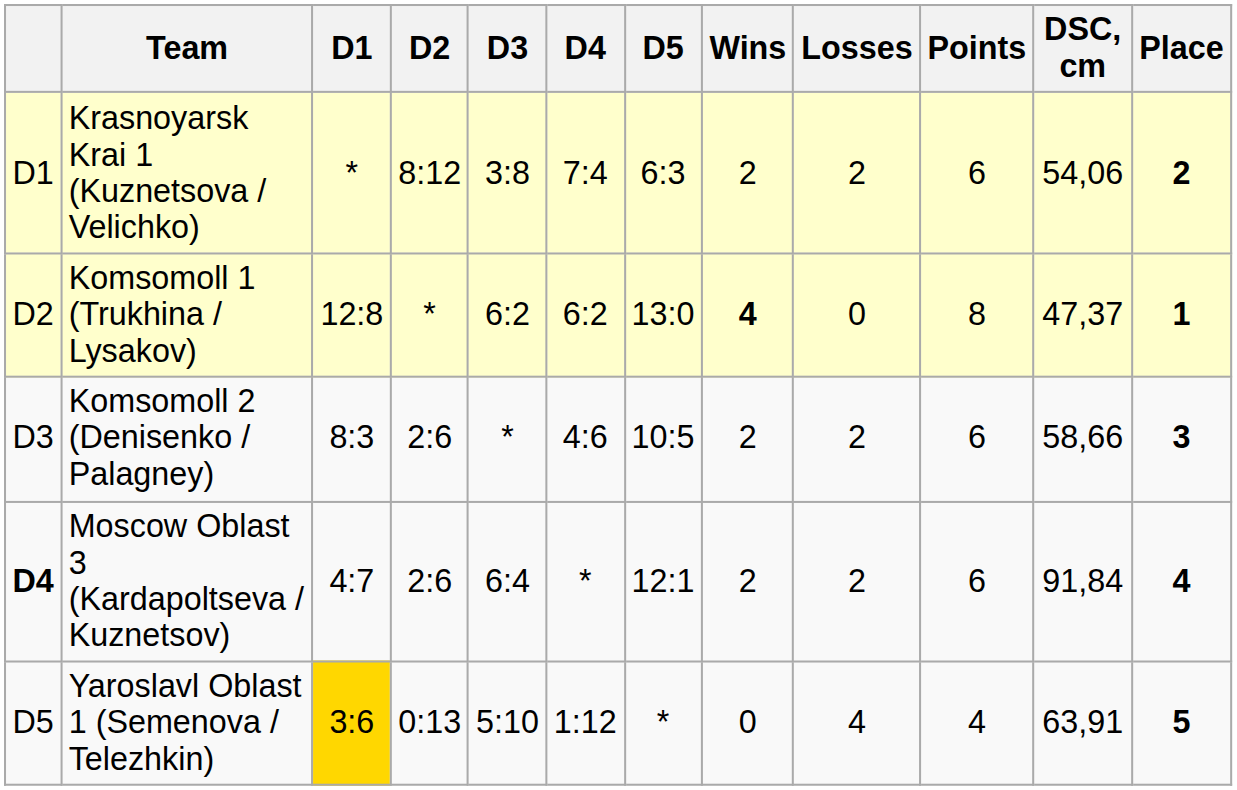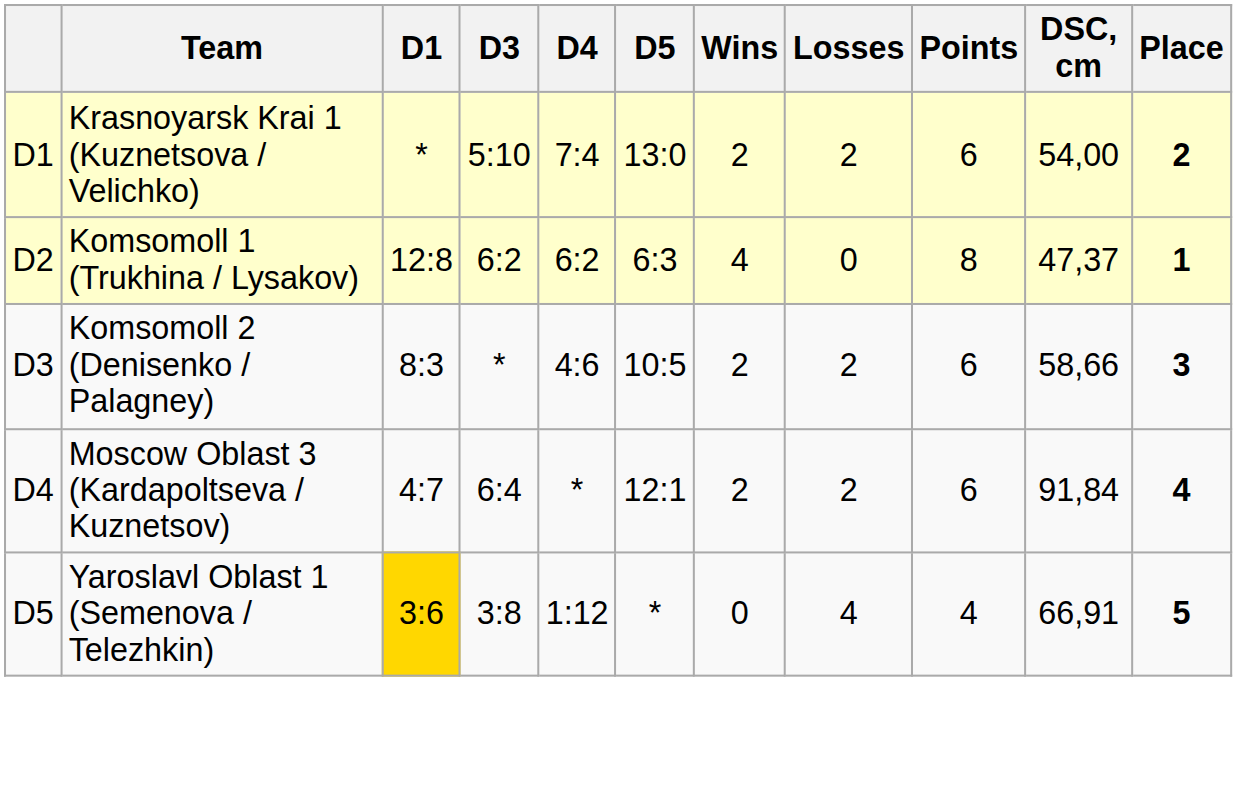 <table class="wikitable" style="text-align:center;">
 <tr>
 <th></th>
 <th>Team</th>
 <th width="25">D1</th>
-<th width="25">D2</th>
 <th width="25">D3</th>
 <th width="25">D4</th>
 <th width="25">D5</th>
 <th>Wins</th>
 <th>Losses</th>
 <th>Points</th>
 <th>DSC, cm</th>
 <th>Place</th>
 </tr>
 <tr bgcolor=#ffc>
 <td>D1</td>
 <td align=left>Krasnoyarsk Krai 1 (Kuznetsova / Velichko)</td>
 <td>*</td>
-<td>8:12</td>
-<td>3:8</td>
+<td>5:10</td>
 <td>7:4</td>
-<td>6:3</td>
+<td>13:0</td>
 <td>2</td>
 <td>2</td>
 <td>6</td>
-<td>54,06</td>
+<td>54,00</td>
 <td><strong>2</strong></td>
 </tr>
 <tr bgcolor=#ffc>
 <td>D2</td>
 <td align=left>Komsomoll 1 (Trukhina / Lysakov)</td>
 <td>12:8</td>
-<td>*</td>
 <td>6:2</td>
 <td>6:2</td>
-<td>13:0</td>
-<td><strong>4</strong></td>
+<td>6:3</td>
+<td>4</td>
 <td>0</td>
 <td>8</td>
 <td>47,37</td>
 <td><strong>1</strong></td>
 </tr>
 <tr>
 <td>D3</td>
 <td align=left>Komsomoll 2 (Denisenko / Palagney)</td>
 <td>8:3</td>
-<td>2:6</td>
 <td>*</td>
 <td>4:6</td>
 <td>10:5</td>
 <td>2</td>
 <td>2</td>
 <td>6</td>
 <td>58,66</td>
 <td><strong>3</strong></td>
 </tr>
 <tr>
-<td><strong>D4</strong></td>
+<td>D4</td>
 <td align=left>Moscow Oblast 3 (Kardapoltseva / Kuznetsov)</td>
 <td>4:7</td>
-<td>2:6</td>
 <td>6:4</td>
 <td>*</td>
 <td>12:1</td>
 <td>2</td>
 <td>2</td>
 <td>6</td>
 <td>91,84</td>
 <td><strong>4</strong></td>
 </tr>
 <tr>
 <td>D5</td>
 <td align=left>Yaroslavl Oblast 1 (Semenova / Telezhkin)</td>
 <td style="background: gold;">3:6</td>
-<td>0:13</td>
-<td>5:10</td>
+<td>3:8</td>
 <td>1:12</td>
 <td>*</td>
 <td>0</td>
 <td>4</td>
 <td>4</td>
-<td>63,91</td>
+<td>66,91</td>
 <td><strong>5</strong></td>
 </tr>
 </table>
